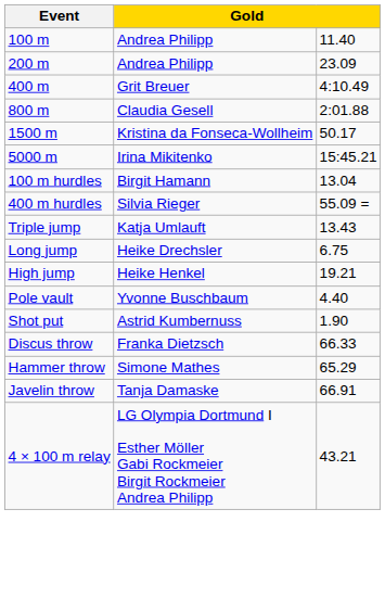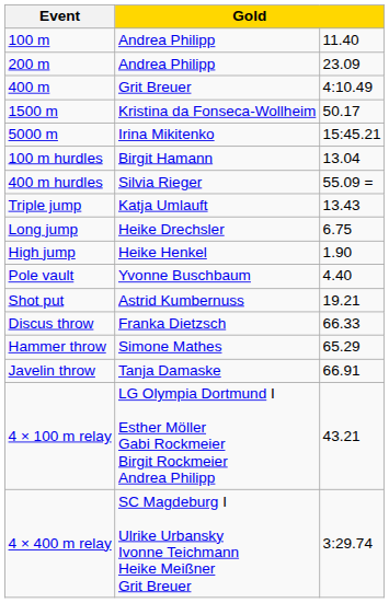 <table class="wikitable">
 <tr>
 <th>Event</th>
 <th style="background:gold;" colspan=2>Gold</th>
 </tr>
 <tr>
 <td><a href='#'>100 m</a></td>
 <td><a href='#'>Andrea Philipp</a></td>
 <td>11.40</td>
 </tr>
 <tr>
 <td><a href='#'>200 m</a></td>
 <td><a href='#'>Andrea Philipp</a></td>
 <td>23.09</td>
 </tr>
 <tr>
 <td><a href='#'>400 m</a></td>
 <td><a href='#'>Grit Breuer</a></td>
 <td>4:10.49</td>
-</tr>
-<tr>
-<td><a href='#'>800 m</a></td>
-<td><a href='#'>Claudia Gesell</a></td>
-<td>2:01.88</td>
 </tr>
 <tr>
 <td><a href='#'>1500 m</a></td>
 <td><a href='#'>Kristina da Fonseca-Wollheim</a></td>
 <td>50.17 </td>
 </tr>
 <tr>
 <td><a href='#'>5000 m</a></td>
 <td><a href='#'>Irina Mikitenko</a></td>
 <td>15:45.21</td>
 </tr>
 <tr>
 <td><a href='#'>100 m hurdles</a></td>
 <td><a href='#'>Birgit Hamann</a></td>
 <td>13.04</td>
 </tr>
 <tr>
 <td><a href='#'>400 m hurdles</a></td>
 <td><a href='#'>Silvia Rieger</a></td>
 <td>55.09 =</td>
 </tr>
 <tr>
 <td><a href='#'>Triple jump</a></td>
 <td><a href='#'>Katja Umlauft</a></td>
 <td>13.43 </td>
 </tr>
 <tr>
 <td><a href='#'>Long jump</a></td>
 <td><a href='#'>Heike Drechsler</a></td>
 <td>6.75</td>
 </tr>
 <tr>
 <td><a href='#'>High jump</a></td>
 <td><a href='#'>Heike Henkel</a></td>
-<td>19.21</td>
+<td>1.90 </td>
 </tr>
 <tr>
 <td><a href='#'>Pole vault</a></td>
 <td><a href='#'>Yvonne Buschbaum</a></td>
 <td>4.40 </td>
 </tr>
 <tr>
 <td><a href='#'>Shot put</a></td>
 <td><a href='#'>Astrid Kumbernuss</a></td>
-<td>1.90 </td>
+<td>19.21</td>
 </tr>
 <tr>
 <td><a href='#'>Discus throw</a></td>
 <td><a href='#'>Franka Dietzsch</a></td>
 <td>66.33</td>
 </tr>
 <tr>
 <td><a href='#'>Hammer throw</a></td>
 <td><a href='#'>Simone Mathes</a></td>
 <td>65.29</td>
 </tr>
 <tr>
 <td><a href='#'>Javelin throw</a></td>
 <td><a href='#'>Tanja Damaske</a></td>
 <td>66.91 </td>
 </tr>
 <tr>
 <td><a href='#'>4 × 100 m relay</a></td>
 <td><a href='#'>LG Olympia Dortmund</a> I <br><br><a href='#'>Esther Möller</a> <br> <a href='#'>Gabi Rockmeier</a> <br> <a href='#'>Birgit Rockmeier</a> <br> <a href='#'>Andrea Philipp</a></td>
 <td>43.21</td>
 </tr>
+<tr>
+<td><a href='#'>4 × 400 m relay</a></td>
+<td><a href='#'>SC Magdeburg</a> I <br><br><a href='#'>Ulrike Urbansky</a> <br> <a href='#'>Ivonne Teichmann</a> <br> <a href='#'>Heike Meißner</a> <br> <a href='#'>Grit Breuer</a></td>
+<td>3:29.74 </td>
+</tr>
 </table>
